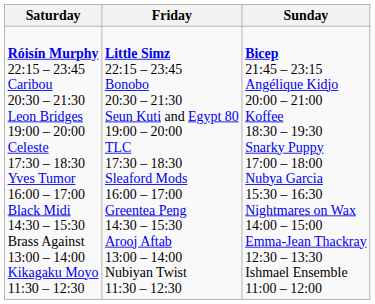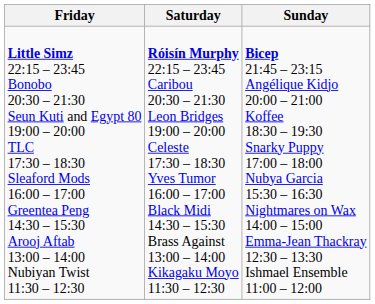 <table class="wikitable">
 <tr>
+<th>Friday</th>
 <th>Saturday</th>
-<th>Friday</th>
 <th>Sunday</th>
 </tr>
 <tr valign="top">
+<td><br><strong><a href='#'>Little Simz</a></strong> <br>22:15 – 23:45 <br><a href='#'>Bonobo</a> <br>20:30 – 21:30 <br><a href='#'>Seun Kuti</a> and <a href='#'>Egypt 80</a> <br>19:00 – 20:00 <br><a href='#'>TLC</a> <br>17:30 – 18:30 <br><a href='#'>Sleaford Mods</a> <br>16:00 – 17:00 <br><a href='#'>Greentea Peng</a> <br>14:30 – 15:30 <br><a href='#'>Arooj Aftab</a> <br>13:00 – 14:00 <br>Nubiyan Twist <br>11:30 – 12:30</td>
 <td><br><strong><a href='#'>Róisín Murphy</a></strong> <br>22:15 – 23:45 <br><a href='#'>Caribou</a> <br>20:30 – 21:30 <br><a href='#'>Leon Bridges</a> <br>19:00 – 20:00 <br><a href='#'>Celeste</a> <br>17:30 – 18:30 <br><a href='#'>Yves Tumor</a> <br>16:00 – 17:00 <br><a href='#'>Black Midi</a> <br>14:30 – 15:30 <br>Brass Against <br>13:00 – 14:00 <br><a href='#'>Kikagaku Moyo</a> <br>11:30 – 12:30</td>
-<td><br><strong><a href='#'>Little Simz</a></strong> <br>22:15 – 23:45 <br><a href='#'>Bonobo</a> <br>20:30 – 21:30 <br><a href='#'>Seun Kuti</a> and <a href='#'>Egypt 80</a> <br>19:00 – 20:00 <br><a href='#'>TLC</a> <br>17:30 – 18:30 <br><a href='#'>Sleaford Mods</a> <br>16:00 – 17:00 <br><a href='#'>Greentea Peng</a> <br>14:30 – 15:30 <br><a href='#'>Arooj Aftab</a> <br>13:00 – 14:00 <br>Nubiyan Twist <br>11:30 – 12:30</td>
 <td><br><strong><a href='#'>Bicep</a></strong> <br>21:45 – 23:15 <br><a href='#'>Angélique Kidjo</a> <br>20:00 – 21:00 <br><a href='#'>Koffee</a> <br>18:30 – 19:30 <br><a href='#'>Snarky Puppy</a> <br>17:00 – 18:00 <br><a href='#'>Nubya Garcia</a> <br>15:30 – 16:30 <br><a href='#'>Nightmares on Wax</a> <br>14:00 – 15:00 <br><a href='#'>Emma-Jean Thackray</a> <br>12:30 – 13:30 <br>Ishmael Ensemble <br>11:00 – 12:00</td>
 </tr>
 </table>
